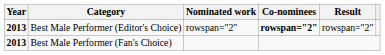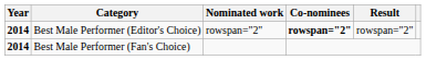 <table class="wikitable">
 <tr>
 <th>Year</th>
 <th>Category</th>
 <th>Nominated work</th>
 <th>Co-nominees</th>
 <th>Result</th>
 <th></th>
 </tr>
 <tr>
-<td><strong>2013</strong></td>
+<td><strong>2014</strong></td>
 <td>Best Male Performer (Editor's Choice)</td>
 <td>rowspan="2" </td>
 <td><strong>rowspan="2" </strong></td>
 <td>rowspan="2" </td>
 <td></td>
 </tr>
 <tr>
-<td><strong>2013</strong></td>
+<td><strong>2014</strong></td>
 <td>Best Male Performer (Fan's Choice)</td>
 <td></td>
 </tr>
 </table>
